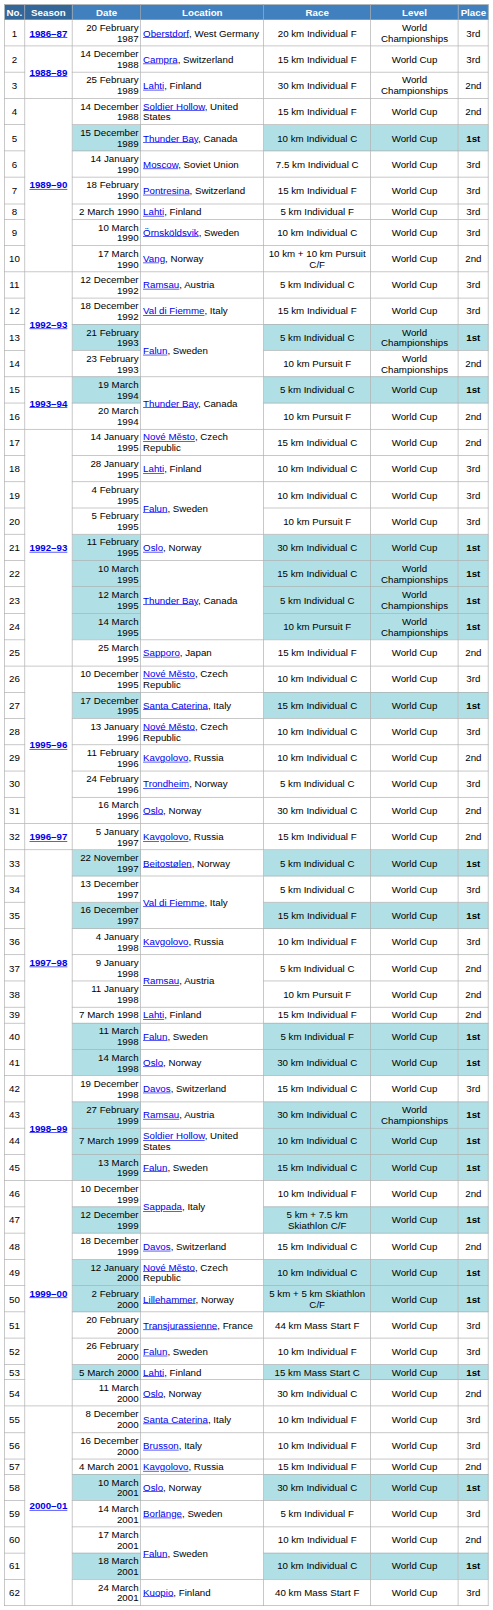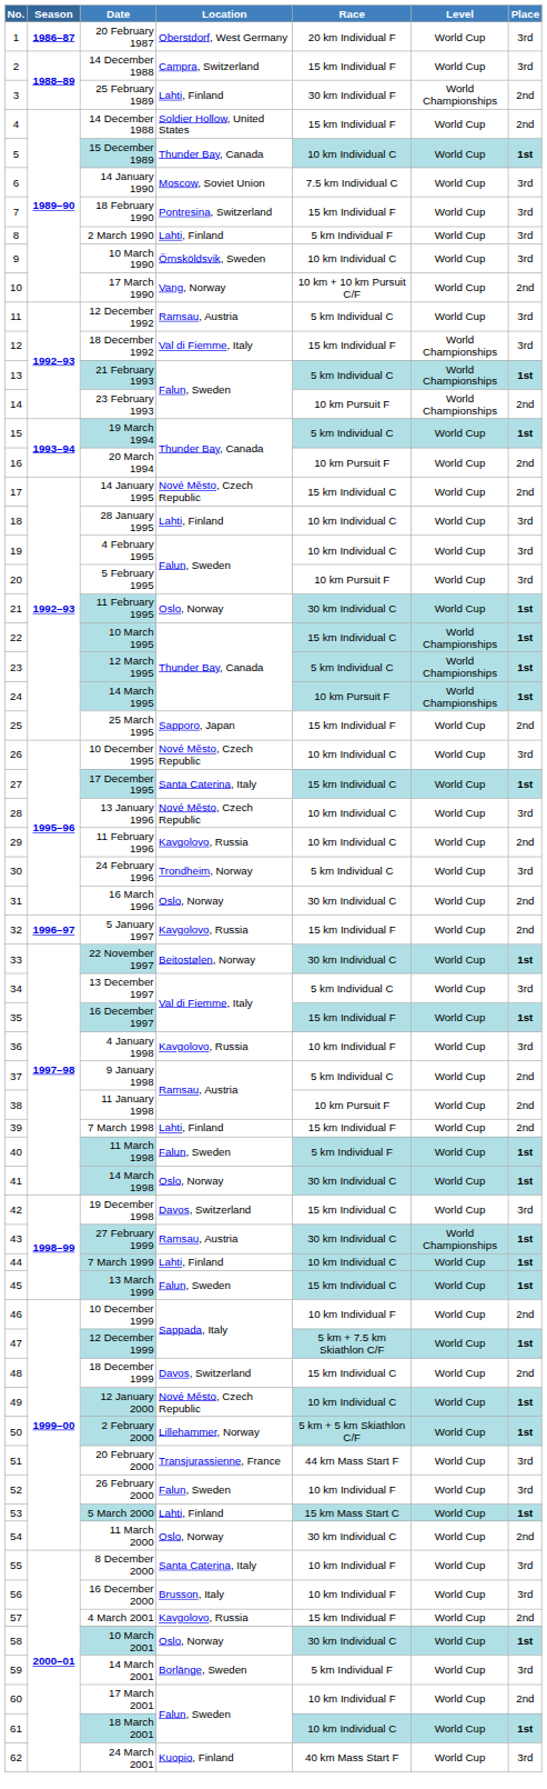 <table class="wikitable sortable" style="font-size:95%; text-align:center; border:grey solid 1px; border-collapse:collapse; background:#ffffff;">
 <tr style="background:#efefef;">
 <th style="background-color:#369; color:white;">No.</th>
 <th style="background-color:#369; color:white;">Season</th>
 <th style="background-color:#4180be; color:white; width:100px;">Date</th>
 <th style="background-color:#4180be; color:white; width:185px;">Location</th>
 <th style="background-color:#4180be; color:white; width:160px;">Race</th>
 <th style="background-color:#4180be; color:white; width:130px;">Level</th>
 <th style="background-color:#4180be; color:white;">Place</th>
 </tr>
 <tr>
 <td align=center>1</td>
 <td rowspan=1 align=center><strong> <a href='#'>1986–87</a> </strong></td>
 <td align=right>20 February 1987</td>
 <td align=left> <a href='#'>Oberstdorf</a>, West Germany</td>
 <td>20 km Individual F</td>
-<td>World Championships</td>
+<td>World Cup</td>
 <td>3rd</td>
 </tr>
 <tr>
 <td align=center>2</td>
 <td rowspan=2 align=center><strong> <a href='#'>1988–89</a> </strong></td>
 <td align=right>14 December 1988</td>
 <td align=left> <a href='#'>Campra</a>, Switzerland</td>
 <td>15 km Individual F</td>
 <td>World Cup</td>
 <td>3rd</td>
 </tr>
 <tr>
 <td align=center>3</td>
 <td align=right>25 February 1989</td>
 <td align=left> <a href='#'>Lahti</a>, Finland</td>
 <td>30 km Individual F</td>
 <td>World Championships</td>
 <td>2nd</td>
 </tr>
 <tr>
 <td align=center>4</td>
 <td rowspan=7 align=center><strong> <a href='#'>1989–90</a> </strong></td>
 <td align=right>14 December 1988</td>
 <td align=left> <a href='#'>Soldier Hollow</a>, United States</td>
 <td>15 km Individual F</td>
 <td>World Cup</td>
 <td>2nd</td>
 </tr>
 <tr>
 <td align=center>5</td>
 <td bgcolor="#BOEOE6" align=right>15 December 1989</td>
 <td align=left> <a href='#'>Thunder Bay</a>, Canada</td>
 <td bgcolor="#BOEOE6">10 km Individual C</td>
 <td bgcolor="#BOEOE6">World Cup</td>
 <td bgcolor="#BOEOE6"><strong>1st</strong></td>
 </tr>
 <tr>
 <td align=center>6</td>
 <td align=right>14 January 1990</td>
 <td align=left> <a href='#'>Moscow</a>, Soviet Union</td>
 <td>7.5 km Individual C</td>
 <td>World Cup</td>
 <td>3rd</td>
 </tr>
 <tr>
 <td align=center>7</td>
 <td align=right>18 February 1990</td>
 <td align=left> <a href='#'>Pontresina</a>, Switzerland</td>
 <td>15 km Individual F</td>
 <td>World Cup</td>
 <td>3rd</td>
 </tr>
 <tr>
 <td align=center>8</td>
 <td align=right>2 March 1990</td>
 <td align=left> <a href='#'>Lahti</a>, Finland</td>
 <td>5 km Individual F</td>
 <td>World Cup</td>
 <td>3rd</td>
 </tr>
 <tr>
 <td align=center>9</td>
 <td align=right>10 March 1990</td>
 <td align=left> <a href='#'>Örnsköldsvik</a>, Sweden</td>
 <td>10 km Individual C</td>
 <td>World Cup</td>
 <td>3rd</td>
 </tr>
 <tr>
 <td align=center>10</td>
 <td align=right>17 March 1990</td>
 <td align=left> <a href='#'>Vang</a>, Norway</td>
 <td>10 km + 10 km Pursuit C/F</td>
 <td>World Cup</td>
 <td>2nd</td>
 </tr>
 <tr>
 <td align=center>11</td>
 <td rowspan=4 align=center><strong> <a href='#'>1992–93</a> </strong></td>
 <td align=right>12 December 1992</td>
 <td align=left> <a href='#'>Ramsau</a>, Austria</td>
 <td>5 km Individual C</td>
 <td>World Cup</td>
 <td>3rd</td>
 </tr>
 <tr>
 <td align=center>12</td>
 <td align=right>18 December 1992</td>
 <td align=left> <a href='#'>Val di Fiemme</a>, Italy</td>
 <td>15 km Individual F</td>
-<td>World Cup</td>
+<td>World Championships</td>
 <td>3rd</td>
 </tr>
 <tr>
 <td align=center>13</td>
 <td bgcolor="#BOEOE6" align=right>21 February 1993</td>
 <td rowspan=2 align=left> <a href='#'>Falun</a>, Sweden</td>
 <td bgcolor="#BOEOE6">5 km Individual C</td>
 <td bgcolor="#BOEOE6">World Championships</td>
 <td bgcolor="#BOEOE6"><strong>1st</strong></td>
 </tr>
 <tr>
 <td align=center>14</td>
 <td align=right>23 February 1993</td>
 <td>10 km Pursuit F</td>
 <td>World Championships</td>
 <td>2nd</td>
 </tr>
 <tr>
 <td align=center>15</td>
 <td rowspan=2 align=center><strong><a href='#'>1993–94</a></strong></td>
 <td bgcolor="#BOEOE6" align=right>19 March 1994</td>
 <td rowspan=2 align=left> <a href='#'>Thunder Bay</a>, Canada</td>
 <td bgcolor="#BOEOE6">5 km Individual C</td>
 <td bgcolor="#BOEOE6">World Cup</td>
 <td bgcolor="#BOEOE6"><strong>1st</strong></td>
 </tr>
 <tr>
 <td align=center>16</td>
 <td align=right>20 March 1994</td>
 <td>10 km Pursuit F</td>
 <td>World Cup</td>
 <td>2nd</td>
 </tr>
 <tr>
 <td align=center>17</td>
 <td rowspan=9 align=center><strong> <a href='#'>1992–93</a> </strong></td>
 <td align=right>14 January 1995</td>
 <td align=left> <a href='#'>Nové Město</a>, Czech Republic</td>
 <td>15 km Individual C</td>
 <td>World Cup</td>
 <td>2nd</td>
 </tr>
 <tr>
 <td align=center>18</td>
 <td align=right>28 January 1995</td>
 <td align=left> <a href='#'>Lahti</a>, Finland</td>
 <td>10 km Individual C</td>
 <td>World Cup</td>
 <td>3rd</td>
 </tr>
 <tr>
 <td align=center>19</td>
 <td align=right>4 February 1995</td>
 <td rowspan=2 align=left> <a href='#'>Falun</a>, Sweden</td>
 <td>10 km Individual C</td>
 <td>World Cup</td>
 <td>3rd</td>
 </tr>
 <tr>
 <td align=center>20</td>
 <td align=right>5 February 1995</td>
 <td>10 km Pursuit F</td>
 <td>World Cup</td>
 <td>3rd</td>
 </tr>
 <tr>
 <td align=center>21</td>
 <td bgcolor="#BOEOE6" align=right>11 February 1995</td>
 <td align=left> <a href='#'>Oslo</a>, Norway</td>
 <td bgcolor="#BOEOE6">30 km Individual C</td>
 <td bgcolor="#BOEOE6">World Cup</td>
 <td bgcolor="#BOEOE6"><strong>1st</strong></td>
 </tr>
 <tr>
 <td align=center>22</td>
 <td bgcolor="#BOEOE6" align=right>10 March 1995</td>
 <td rowspan=3 align=left> <a href='#'>Thunder Bay</a>, Canada</td>
 <td bgcolor="#BOEOE6">15 km Individual C</td>
 <td bgcolor="#BOEOE6">World Championships</td>
 <td bgcolor="#BOEOE6"><strong>1st</strong></td>
 </tr>
 <tr>
 <td align=center>23</td>
 <td bgcolor="#BOEOE6" align=right>12 March 1995</td>
 <td bgcolor="#BOEOE6">5 km Individual C</td>
 <td bgcolor="#BOEOE6">World Championships</td>
 <td bgcolor="#BOEOE6"><strong>1st</strong></td>
 </tr>
 <tr>
 <td align=center>24</td>
 <td bgcolor="#BOEOE6" align=right>14 March 1995</td>
 <td bgcolor="#BOEOE6">10 km Pursuit F</td>
 <td bgcolor="#BOEOE6">World Championships</td>
 <td bgcolor="#BOEOE6"><strong>1st</strong></td>
 </tr>
 <tr>
 <td align=center>25</td>
 <td align=right>25 March 1995</td>
 <td align=left> <a href='#'>Sapporo</a>, Japan</td>
 <td>15 km Individual F</td>
 <td>World Cup</td>
 <td>2nd</td>
 </tr>
 <tr>
 <td align=center>26</td>
 <td rowspan=6 align=center><strong> <a href='#'>1995–96</a> </strong></td>
 <td align=right>10 December 1995</td>
 <td align=left> <a href='#'>Nové Město</a>, Czech Republic</td>
 <td>10 km Individual C</td>
 <td>World Cup</td>
 <td>3rd</td>
 </tr>
 <tr>
 <td align=center>27</td>
 <td bgcolor="#BOEOE6" align=right>17 December 1995</td>
 <td align=left> <a href='#'>Santa Caterina</a>, Italy</td>
 <td bgcolor="#BOEOE6">15 km Individual C</td>
 <td bgcolor="#BOEOE6">World Cup</td>
 <td bgcolor="#BOEOE6"><strong>1st</strong></td>
 </tr>
 <tr>
 <td align=center>28</td>
 <td align=right>13 January 1996</td>
 <td align=left> <a href='#'>Nové Město</a>, Czech Republic</td>
 <td>10 km Individual C</td>
 <td>World Cup</td>
 <td>3rd</td>
 </tr>
 <tr>
 <td align=center>29</td>
 <td align=right>11 February 1996</td>
 <td align=left> <a href='#'>Kavgolovo</a>, Russia</td>
 <td>10 km Individual C</td>
 <td>World Cup</td>
 <td>2nd</td>
 </tr>
 <tr>
 <td align=center>30</td>
 <td align=right>24 February 1996</td>
 <td align=left> <a href='#'>Trondheim</a>, Norway</td>
 <td>5 km Individual C</td>
 <td>World Cup</td>
 <td>3rd</td>
 </tr>
 <tr>
 <td align=center>31</td>
 <td align=right>16 March 1996</td>
 <td align=left> <a href='#'>Oslo</a>, Norway</td>
 <td>30 km Individual C</td>
 <td>World Cup</td>
 <td>2nd</td>
 </tr>
 <tr>
 <td align=center>32</td>
 <td rowspan=1 align=center><strong> <a href='#'>1996–97</a> </strong></td>
 <td align=right>5 January 1997</td>
 <td align=left> <a href='#'>Kavgolovo</a>, Russia</td>
 <td>15 km Individual F</td>
 <td>World Cup</td>
 <td>2nd</td>
 </tr>
 <tr>
 <td align=center>33</td>
 <td rowspan=9 align=center><strong><a href='#'>1997–98</a></strong></td>
 <td bgcolor="#BOEOE6" align=right>22 November 1997</td>
 <td align=left> <a href='#'>Beitostølen</a>, Norway</td>
-<td bgcolor="#BOEOE6">5 km Individual C</td>
+<td bgcolor="#BOEOE6">30 km Individual C</td>
 <td bgcolor="#BOEOE6">World Cup</td>
 <td bgcolor="#BOEOE6"><strong>1st</strong></td>
 </tr>
 <tr>
 <td align=center>34</td>
 <td align=right>13 December 1997</td>
 <td rowspan=2 align=left> <a href='#'>Val di Fiemme</a>, Italy</td>
 <td>5 km Individual C</td>
 <td>World Cup</td>
 <td>3rd</td>
 </tr>
 <tr>
 <td align=center>35</td>
 <td bgcolor="#BOEOE6" align=right>16 December 1997</td>
 <td bgcolor="#BOEOE6">15 km Individual F</td>
 <td bgcolor="#BOEOE6">World Cup</td>
 <td bgcolor="#BOEOE6"><strong>1st</strong></td>
 </tr>
 <tr>
 <td align=center>36</td>
 <td align=right>4 January 1998</td>
 <td align=left> <a href='#'>Kavgolovo</a>, Russia</td>
 <td>10 km Individual F</td>
 <td>World Cup</td>
 <td>3rd</td>
 </tr>
 <tr>
 <td align=center>37</td>
 <td align=right>9 January 1998</td>
 <td rowspan=2 align=left> <a href='#'>Ramsau</a>, Austria</td>
 <td>5 km Individual C</td>
 <td>World Cup</td>
 <td>2nd</td>
 </tr>
 <tr>
 <td align=center>38</td>
 <td align=right>11 January 1998</td>
 <td>10 km Pursuit F</td>
 <td>World Cup</td>
 <td>2nd</td>
 </tr>
 <tr>
 <td align=center>39</td>
 <td align=right>7 March 1998</td>
 <td align=left> <a href='#'>Lahti</a>, Finland</td>
 <td>15 km Individual F</td>
 <td>World Cup</td>
 <td>2nd</td>
 </tr>
 <tr>
 <td align=center>40</td>
 <td bgcolor="#BOEOE6" align=right>11 March 1998</td>
 <td align=left> <a href='#'>Falun</a>, Sweden</td>
 <td bgcolor="#BOEOE6">5 km Individual F</td>
 <td bgcolor="#BOEOE6">World Cup</td>
 <td bgcolor="#BOEOE6"><strong>1st</strong></td>
 </tr>
 <tr>
 <td align=center>41</td>
 <td bgcolor="#BOEOE6" align=right>14 March 1998</td>
 <td align=left> <a href='#'>Oslo</a>, Norway</td>
 <td bgcolor="#BOEOE6">30 km Individual C</td>
 <td bgcolor="#BOEOE6">World Cup</td>
 <td bgcolor="#BOEOE6"><strong>1st</strong></td>
 </tr>
 <tr>
 <td align=center>42</td>
 <td rowspan=4 align=center><strong> <a href='#'>1998–99</a> </strong></td>
 <td align=right>19 December 1998</td>
 <td align=left> <a href='#'>Davos</a>, Switzerland</td>
 <td>15 km Individual C</td>
 <td>World Cup</td>
 <td>3rd</td>
 </tr>
 <tr>
 <td align=center>43</td>
 <td bgcolor="#BOEOE6" align=right>27 February 1999</td>
 <td align=left> <a href='#'>Ramsau</a>, Austria</td>
 <td bgcolor="#BOEOE6">30 km Individual C</td>
 <td bgcolor="#BOEOE6">World Championships</td>
 <td bgcolor="#BOEOE6"><strong>1st</strong></td>
 </tr>
 <tr>
 <td align=center>44</td>
 <td bgcolor="#BOEOE6" align=right>7 March 1999</td>
-<td align=left> <a href='#'>Soldier Hollow</a>, United States</td>
+<td align=left> <a href='#'>Lahti</a>, Finland</td>
 <td bgcolor="#BOEOE6">10 km Individual C</td>
 <td bgcolor="#BOEOE6">World Cup</td>
 <td bgcolor="#BOEOE6"><strong>1st</strong></td>
 </tr>
 <tr>
 <td align=center>45</td>
 <td bgcolor="#BOEOE6" align=right>13 March 1999</td>
 <td align=left> <a href='#'>Falun</a>, Sweden</td>
 <td bgcolor="#BOEOE6">15 km Individual C</td>
 <td bgcolor="#BOEOE6">World Cup</td>
 <td bgcolor="#BOEOE6"><strong>1st</strong></td>
 </tr>
 <tr>
 <td align=center>46</td>
 <td rowspan=9 align=center><strong> <a href='#'>1999–00</a> </strong></td>
 <td align=right>10 December 1999</td>
 <td rowspan=2 align=left> <a href='#'>Sappada</a>, Italy</td>
 <td>10 km Individual F</td>
 <td>World Cup</td>
 <td>2nd</td>
 </tr>
 <tr>
 <td align=center>47</td>
 <td bgcolor="#BOEOE6" align=right>12 December 1999</td>
 <td bgcolor="#BOEOE6">5 km + 7.5 km Skiathlon C/F</td>
 <td bgcolor="#BOEOE6">World Cup</td>
 <td bgcolor="#BOEOE6"><strong>1st</strong></td>
 </tr>
 <tr>
 <td align=center>48</td>
 <td align=right>18 December 1999</td>
 <td align=left> <a href='#'>Davos</a>, Switzerland</td>
 <td>15 km Individual C</td>
 <td>World Cup</td>
 <td>2nd</td>
 </tr>
 <tr>
 <td align=center>49</td>
 <td bgcolor="#BOEOE6" align=right>12 January 2000</td>
 <td align=left> <a href='#'>Nové Město</a>, Czech Republic</td>
 <td bgcolor="#BOEOE6">10 km Individual C</td>
 <td bgcolor="#BOEOE6">World Cup</td>
 <td bgcolor="#BOEOE6"><strong>1st</strong></td>
 </tr>
 <tr>
 <td align=center>50</td>
 <td bgcolor="#BOEOE6" align=right>2 February 2000</td>
 <td align=left> <a href='#'>Lillehammer</a>, Norway</td>
 <td bgcolor="#BOEOE6">5 km + 5 km Skiathlon C/F</td>
 <td bgcolor="#BOEOE6">World Cup</td>
 <td bgcolor="#BOEOE6"><strong>1st</strong></td>
 </tr>
 <tr>
 <td align=center>51</td>
 <td align=right>20 February 2000</td>
 <td align=left> <a href='#'>Transjurassienne</a>, France</td>
 <td>44 km Mass Start F</td>
 <td>World Cup</td>
 <td>3rd</td>
 </tr>
 <tr>
 <td align=center>52</td>
 <td align=right>26 February 2000</td>
 <td align=left> <a href='#'>Falun</a>, Sweden</td>
 <td>10 km Individual F</td>
 <td>World Cup</td>
 <td>3rd</td>
 </tr>
 <tr>
 <td align=center>53</td>
 <td bgcolor="#BOEOE6" align=right>5 March 2000</td>
 <td align=left> <a href='#'>Lahti</a>, Finland</td>
 <td bgcolor="#BOEOE6">15 km Mass Start C</td>
 <td bgcolor="#BOEOE6">World Cup</td>
 <td bgcolor="#BOEOE6"><strong>1st</strong></td>
 </tr>
 <tr>
 <td align=center>54</td>
 <td align=right>11 March 2000</td>
 <td align=left> <a href='#'>Oslo</a>, Norway</td>
 <td>30 km Individual C</td>
 <td>World Cup</td>
 <td>2nd</td>
 </tr>
 <tr>
 <td align=center>55</td>
 <td rowspan=8 align=center><strong> <a href='#'>2000–01</a> </strong></td>
 <td align=right>8 December 2000</td>
 <td align=left> <a href='#'>Santa Caterina</a>, Italy</td>
 <td>10 km Individual F</td>
 <td>World Cup</td>
 <td>3rd</td>
 </tr>
 <tr>
 <td align=center>56</td>
 <td align=right>16 December 2000</td>
 <td align=left> <a href='#'>Brusson</a>, Italy</td>
 <td>10 km Individual F</td>
 <td>World Cup</td>
 <td>3rd</td>
 </tr>
 <tr>
 <td align=center>57</td>
 <td align=right>4 March 2001</td>
 <td align=left> <a href='#'>Kavgolovo</a>, Russia</td>
 <td>15 km Individual F</td>
 <td>World Cup</td>
 <td>2nd</td>
 </tr>
 <tr>
 <td align=center>58</td>
 <td bgcolor="#BOEOE6" align=right>10 March 2001</td>
 <td align=left> <a href='#'>Oslo</a>, Norway</td>
 <td bgcolor="#BOEOE6">30 km Individual C</td>
 <td bgcolor="#BOEOE6">World Cup</td>
 <td bgcolor="#BOEOE6"><strong>1st</strong></td>
 </tr>
 <tr>
 <td align=center>59</td>
 <td align=right>14 March 2001</td>
 <td align=left> <a href='#'>Borlänge</a>, Sweden</td>
 <td>5 km Individual F</td>
 <td>World Cup</td>
 <td>3rd</td>
 </tr>
 <tr>
 <td align=center>60</td>
 <td align=right>17 March 2001</td>
 <td rowspan=2 align=left> <a href='#'>Falun</a>, Sweden</td>
 <td>10 km Individual F</td>
 <td>World Cup</td>
 <td>2nd</td>
 </tr>
 <tr>
 <td align=center>61</td>
 <td bgcolor="#BOEOE6" align=right>18 March 2001</td>
 <td bgcolor="#BOEOE6">10 km Individual C</td>
 <td bgcolor="#BOEOE6">World Cup</td>
 <td bgcolor="#BOEOE6"><strong>1st</strong></td>
 </tr>
 <tr>
 <td align=center>62</td>
 <td align=right>24 March 2001</td>
 <td align=left> <a href='#'>Kuopio</a>, Finland</td>
 <td>40 km Mass Start F</td>
 <td>World Cup</td>
 <td>3rd</td>
 </tr>
 </table>
